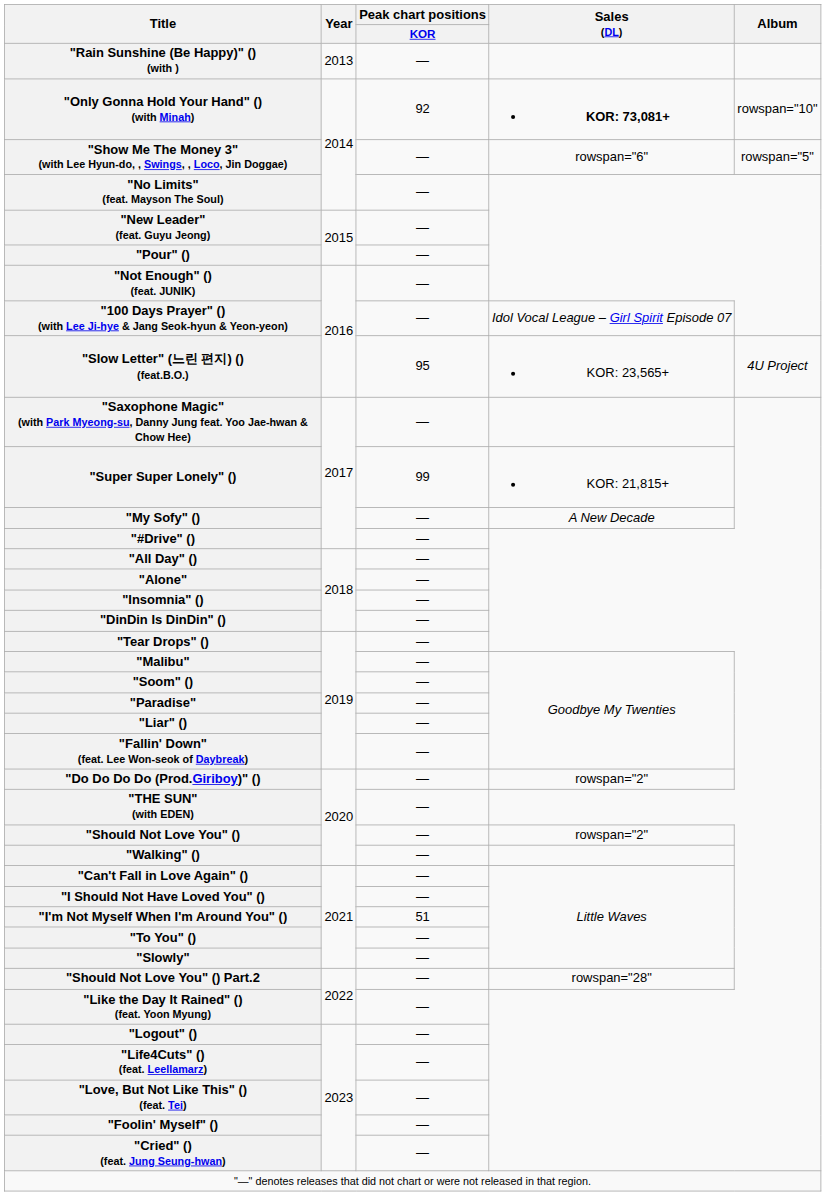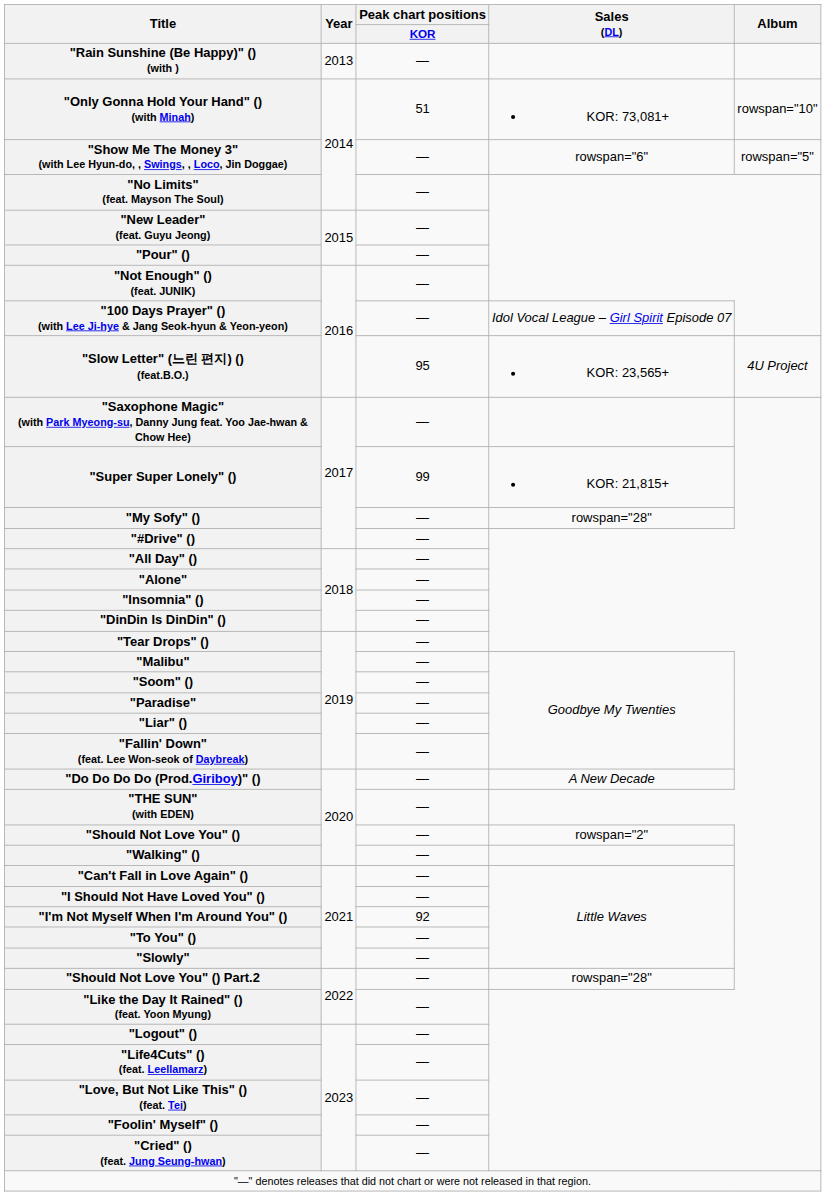 <table class="wikitable plainrowheaders" style="text-align:center;">
 <tr>
 <th rowspan="2" style="width:24em;">Title</th>
 <th rowspan="2">Year</th>
 <th>Peak chart positions</th>
 <th rowspan="2">Sales<br><small>(<a href='#'>DL</a>)</small></th>
 <th rowspan="2">Album</th>
 </tr>
 <tr>
 <th style="width=3em;font-size:90%"><a href='#'>KOR</a><br></th>
 </tr>
 <tr>
 <th scope="row">"Rain Sunshine (Be Happy)" ()<br><small>(with )</small></th>
 <td>2013</td>
 <td>—</td>
 <td></td>
 <td></td>
 </tr>
 <tr>
 <th scope="row">"Only Gonna Hold Your Hand" ()<br><small>(with <a href='#'>Minah</a>)</small></th>
 <td rowspan="3">2014</td>
-<td>92</td>
-<td><strong><br><ul><li>KOR: 73,081+</li></ul></strong></td>
+<td>51</td>
+<td><br><ul><li>KOR: 73,081+</li></ul></td>
 <td>rowspan="10" </td>
 </tr>
 <tr>
 <th scope="row">"Show Me The Money 3"<br><small> (with Lee Hyun-do, , <a href='#'>Swings</a>, , <a href='#'>Loco</a>, Jin Doggae)</small></th>
 <td>—</td>
 <td>rowspan="6" </td>
 <td>rowspan="5" </td>
 </tr>
 <tr>
 <th scope=row>"No Limits"<br><small>(feat. Mayson The Soul)</small></th>
 <td>—</td>
 </tr>
 <tr>
 <th scope="row">"New Leader"<br><small> (feat. Guyu Jeong)</small></th>
 <td rowspan="2">2015</td>
 <td>—</td>
 </tr>
 <tr>
 <th scope="row">"Pour" ()</th>
 <td>—</td>
 </tr>
 <tr>
 <th scope=row>"Not Enough" ()<br><small>(feat. JUNIK)</small></th>
 <td rowspan="3">2016</td>
 <td>—</td>
 </tr>
 <tr>
 <th scope="row">"100 Days Prayer"  ()<br><small>(with <a href='#'>Lee Ji-hye</a> & Jang Seok-hyun & Yeon-yeon)</small></th>
 <td>—</td>
 <td><em>Idol Vocal League – <a href='#'>Girl Spirit</a> Episode 07</em></td>
 </tr>
 <tr>
 <th scope="row">"Slow Letter"  (느린 편지) ()<br><small>(feat.B.O.)</small></th>
 <td>95</td>
 <td><br><ul><li>KOR: 23,565+</li></ul></td>
 <td><em>4U Project</em></td>
 </tr>
 <tr>
 <th scope="row">"Saxophone Magic"<br><small>(with <a href='#'>Park Myeong-su</a>, Danny Jung feat. Yoo Jae-hwan & Chow Hee)</small></th>
 <td rowspan="4">2017</td>
 <td>—</td>
 <td></td>
 </tr>
 <tr>
 <th scope=row>"Super Super Lonely" ()</th>
 <td>99</td>
 <td><br><ul><li>KOR: 21,815+</li></ul></td>
 </tr>
 <tr>
 <th scope=row>"My Sofy"  ()</th>
 <td>—</td>
-<td><em>A New Decade </em></td>
+<td>rowspan="28" </td>
 </tr>
 <tr>
 <th scope=row>"#Drive" ()<br></th>
 <td>—</td>
 </tr>
 <tr>
 <th scope=row>"All Day" ()<br></th>
 <td rowspan="4">2018</td>
 <td>—</td>
 </tr>
 <tr>
 <th scope=row>"Alone"</th>
 <td>—</td>
 </tr>
 <tr>
 <th scope=row>"Insomnia" ()<br></th>
 <td>—</td>
 </tr>
 <tr>
 <th scope=row>"DinDin Is DinDin" ()<br></th>
 <td>—</td>
 </tr>
 <tr>
 <th scope=row>"Tear Drops" ()<br></th>
 <td rowspan="6">2019</td>
 <td>—</td>
 </tr>
 <tr>
 <th scope=row>"Malibu"<br></th>
 <td>—</td>
 <td rowspan="5"><em>Goodbye My Twenties</em></td>
 </tr>
 <tr>
 <th scope=row>"Soom" ()<br></th>
 <td>—</td>
 </tr>
 <tr>
 <th scope=row>"Paradise"<br></th>
 <td>—</td>
 </tr>
 <tr>
 <th scope=row>"Liar" ()<br></th>
 <td>—</td>
 </tr>
 <tr>
 <th scope="row">"Fallin' Down" <br><small>(feat. Lee Won-seok of <a href='#'>Daybreak</a>)</small></th>
 <td>—</td>
 </tr>
 <tr>
 <th scope=row>"Do Do Do Do (Prod.<a href='#'>Giriboy</a>)" ()<br></th>
 <td rowspan="4">2020</td>
 <td>—</td>
-<td>rowspan="2" </td>
+<td><em>A New Decade </em></td>
 </tr>
 <tr>
 <th scope="row">"THE SUN"<br><small> (with EDEN)</small></th>
 <td>—</td>
 </tr>
 <tr>
 <th scope="row">"Should Not Love You" ()</th>
 <td>—</td>
 <td>rowspan="2" </td>
 </tr>
 <tr>
 <th scope="row">"Walking" ()<br></th>
 <td>—</td>
 <td></td>
 </tr>
 <tr>
 <th scope="row">"Can't Fall in Love Again" ()</th>
 <td rowspan="5">2021</td>
 <td>—</td>
 <td rowspan="5"><em>Little Waves</em></td>
 </tr>
 <tr>
 <th scope="row">"I Should Not Have Loved You" ()<br></th>
 <td>—</td>
 </tr>
 <tr>
 <th scope="row">"I'm Not Myself When I'm Around You" ()<br></th>
-<td>51</td>
+<td>92</td>
 </tr>
 <tr>
 <th scope="row">"To You" ()<br></th>
 <td>—</td>
 </tr>
 <tr>
 <th scope="row">"Slowly"</th>
 <td>—</td>
 </tr>
 <tr>
 <th scope="row">"Should Not Love You" () Part.2</th>
 <td rowspan=2>2022</td>
 <td>—</td>
 <td>rowspan="28" </td>
 </tr>
 <tr>
 <th scope="row">"Like the Day It Rained" ()<br><small>(feat. Yoon Myung)</small></th>
 <td>—</td>
 </tr>
 <tr>
 <th scope="row">"Logout" ()</th>
 <td rowspan="5">2023</td>
 <td>—</td>
 </tr>
 <tr>
 <th scope="row">"Life4Cuts" ()<br><small>(feat. <a href='#'>Leellamarz</a>)</small></th>
 <td>—</td>
 </tr>
 <tr>
 <th scope="row">"Love, But Not Like This" ()<br><small>(feat. <a href='#'>Tei</a>)</small></th>
 <td>—</td>
 </tr>
 <tr>
 <th scope="row">"Foolin' Myself" ()</th>
 <td>—</td>
 </tr>
 <tr>
 <th scope="row">"Cried" ()<br><small>(feat. <a href='#'>Jung Seung-hwan</a>)</small></th>
 <td>—</td>
 </tr>
 <tr>
 <td colspan="5"><small>"—" denotes releases that did not chart or were not released in that region.</small></td>
 </tr>
 </table>
